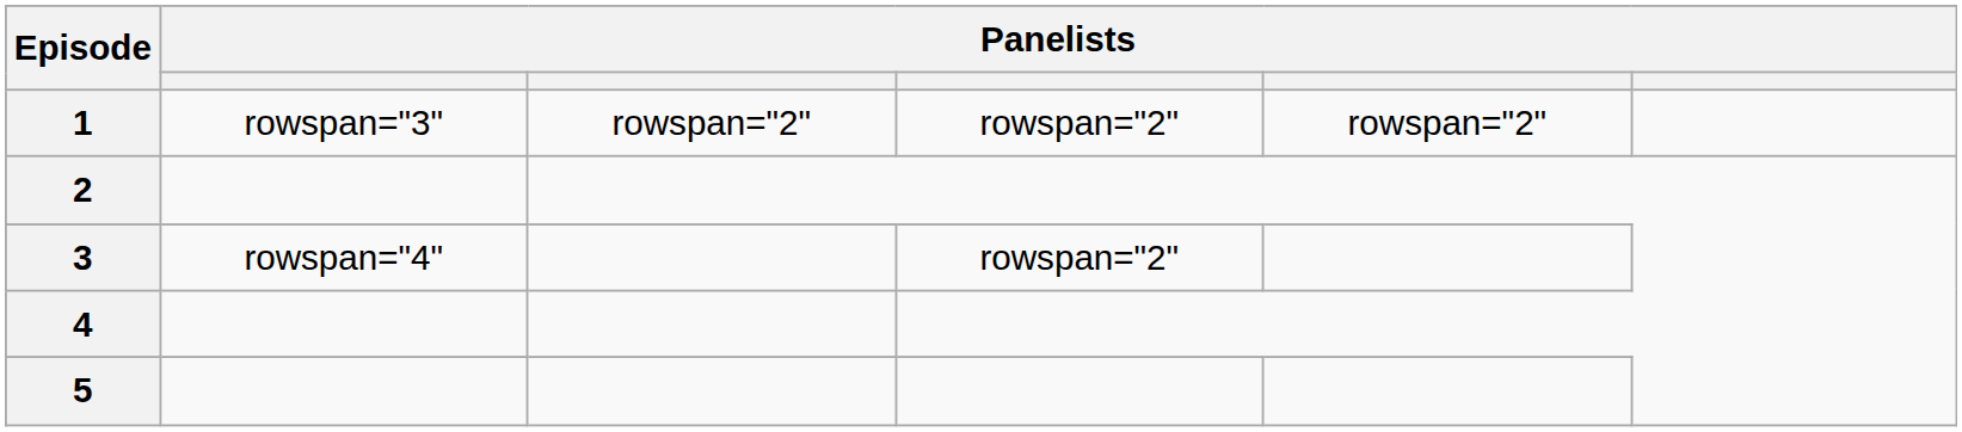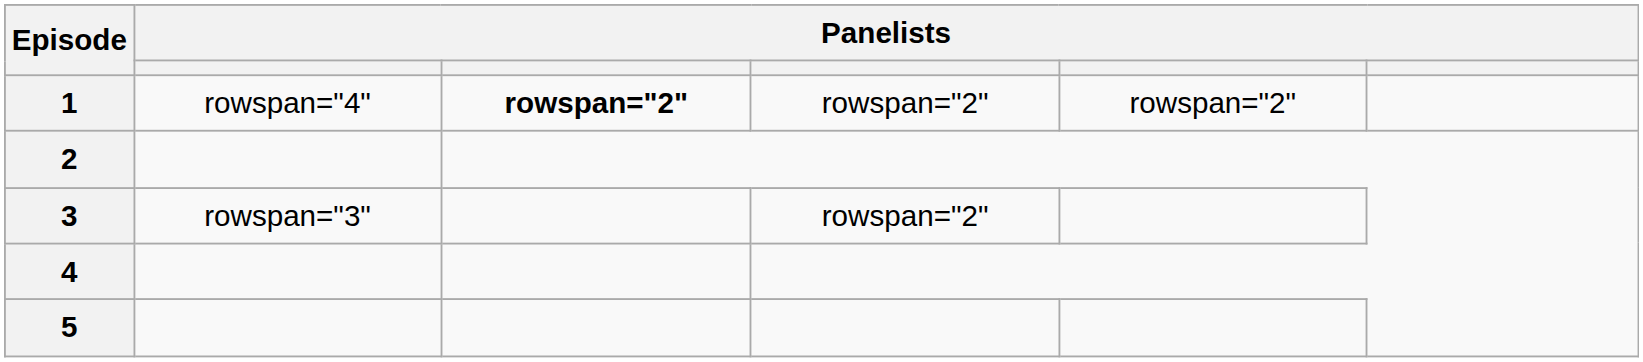 <table class="wikitable plainrowheaders mw-collapsible" style="text-align:center; line-height:23px; width:100%;">
 <tr>
 <th rowspan="2" width="1%">Episode</th>
 <th colspan="5">Panelists</th>
 </tr>
 <tr>
 <th width="20%"></th>
 <th width="20%"></th>
 <th width="20%"></th>
 <th width="20%"></th>
 <th width="20%"></th>
 </tr>
 <tr>
 <th>1</th>
-<td>rowspan="3" </td>
-<td>rowspan="2" </td>
+<td>rowspan="4" </td>
+<td><strong>rowspan="2" </strong></td>
 <td>rowspan="2" </td>
 <td>rowspan="2" </td>
 <td></td>
 </tr>
 <tr>
 <th>2</th>
 <td></td>
 </tr>
 <tr>
 <th>3</th>
-<td>rowspan="4" </td>
+<td>rowspan="3" </td>
 <td></td>
 <td>rowspan="2" </td>
 <td></td>
 </tr>
 <tr>
 <th>4</th>
 <td></td>
 <td></td>
 </tr>
 <tr>
 <th>5</th>
 <td></td>
 <td></td>
 <td></td>
 <td></td>
 </tr>
 </table>
